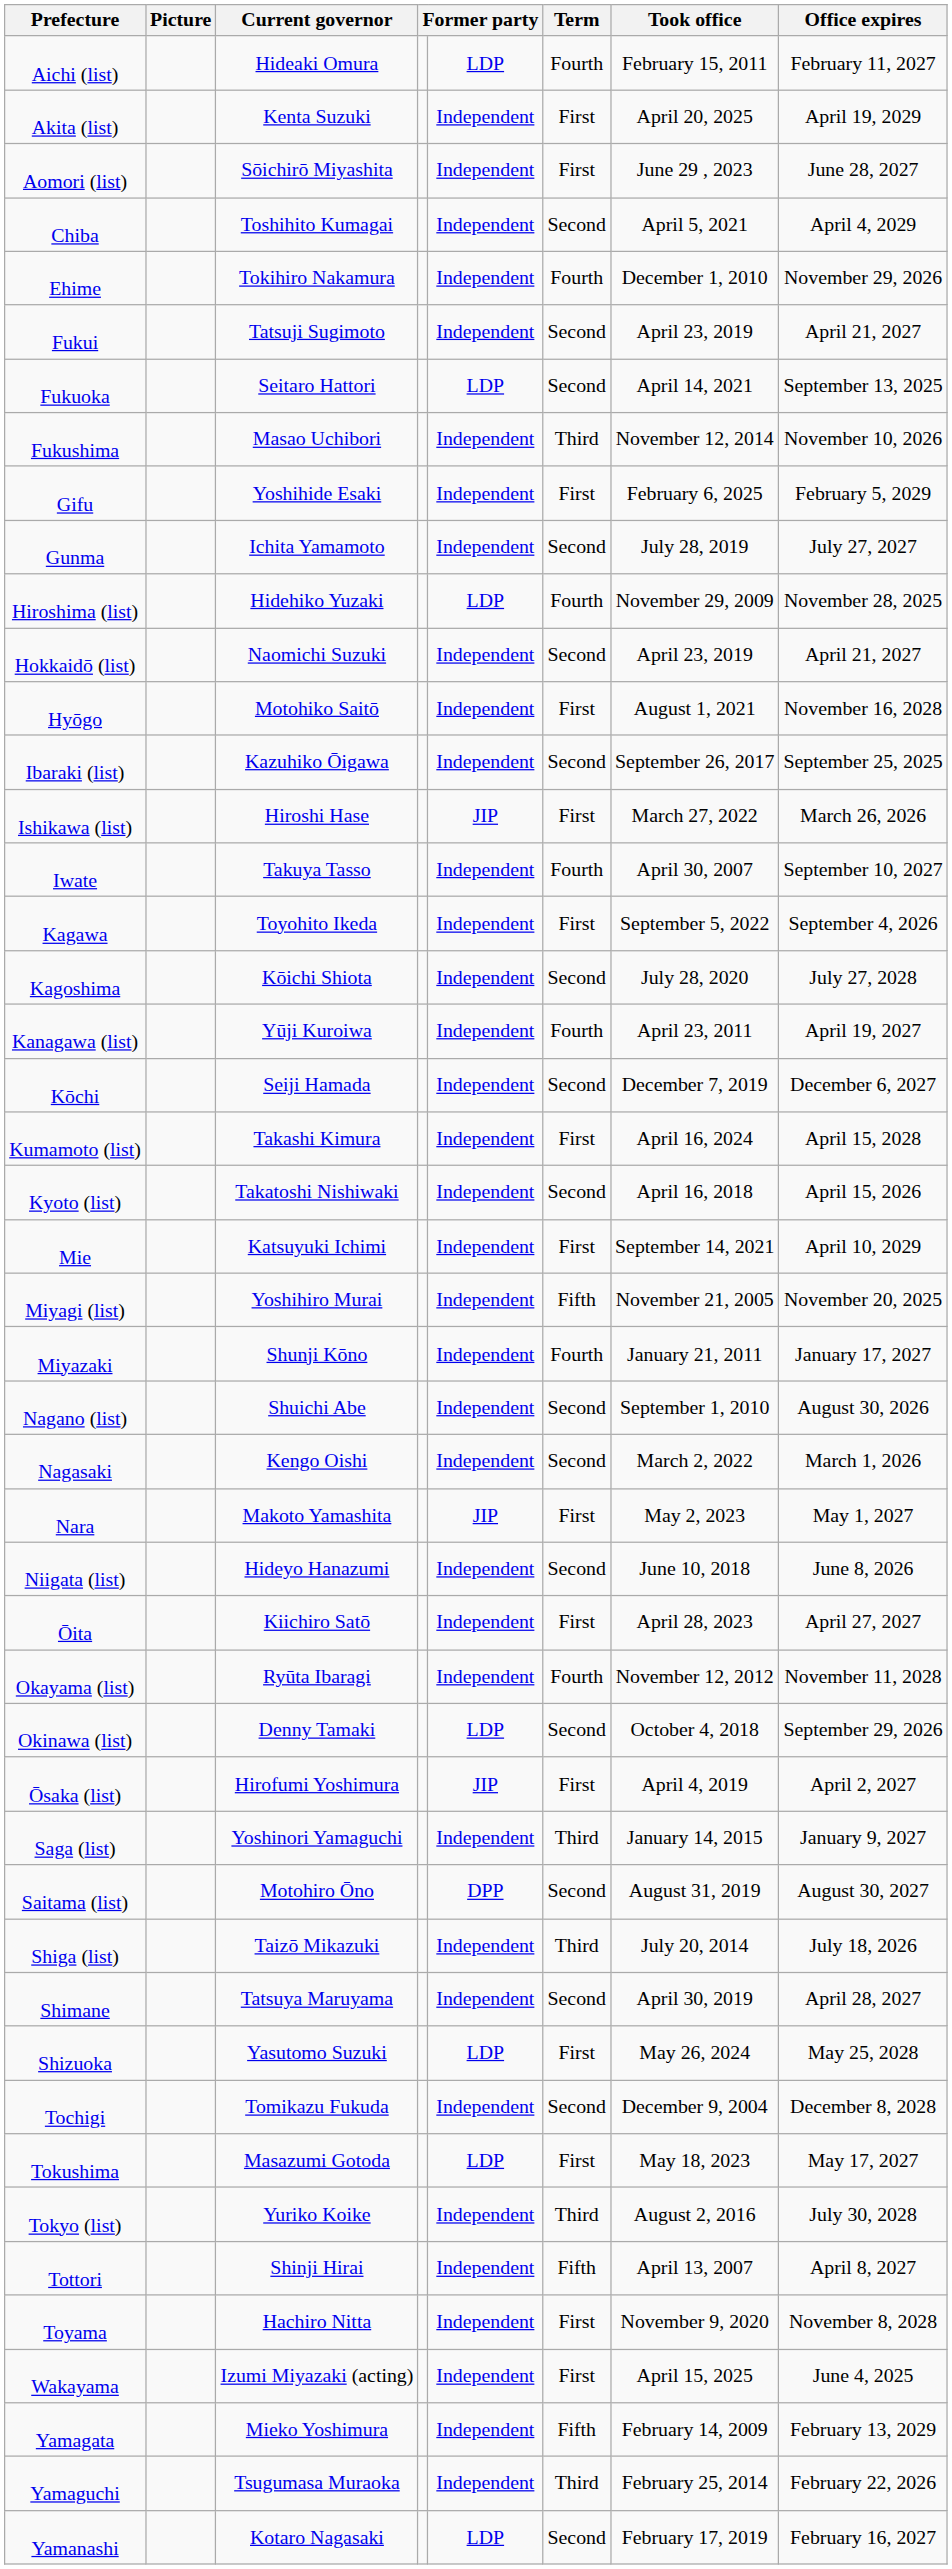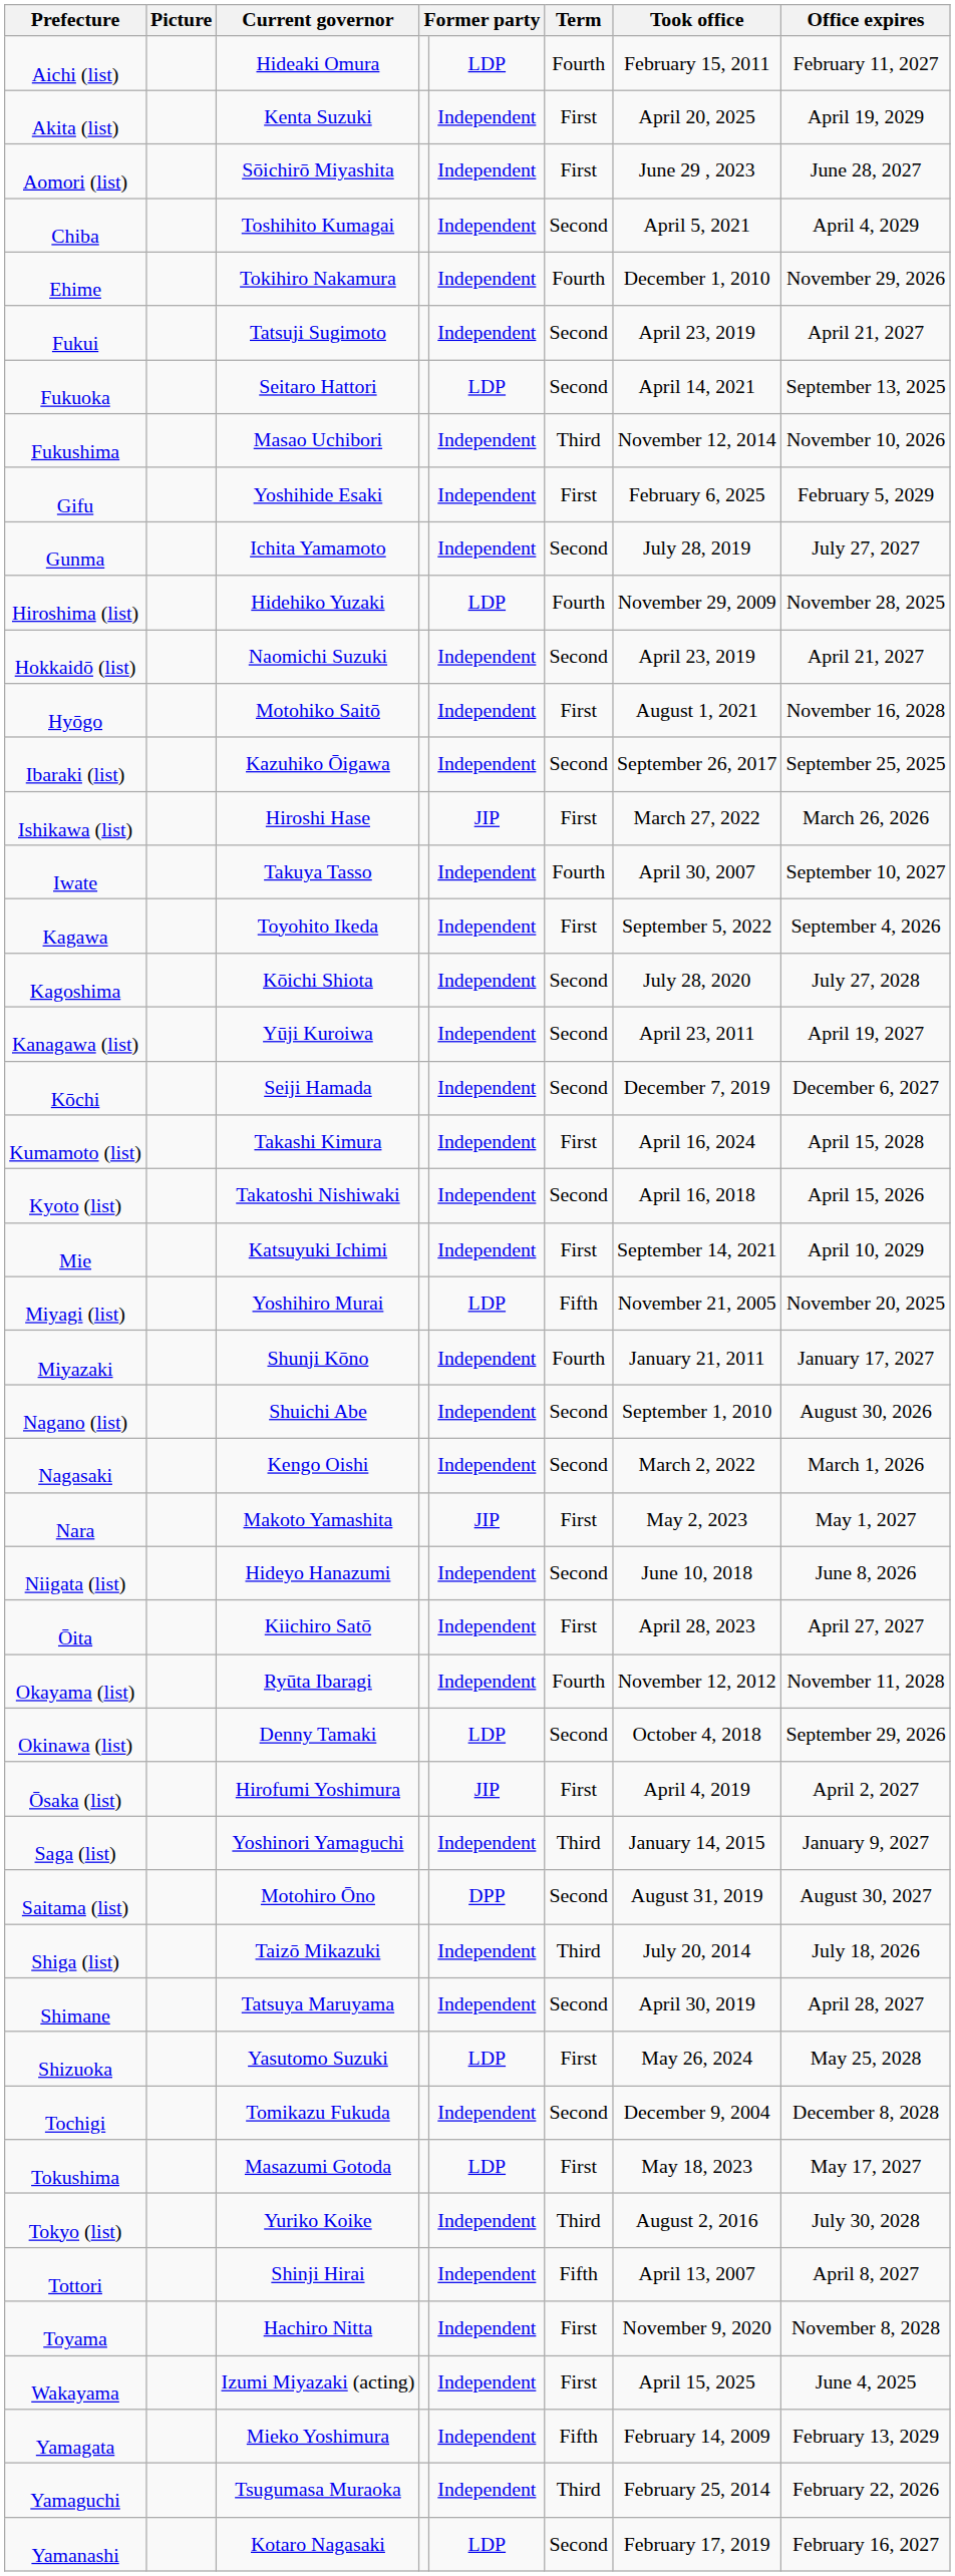 <table class="wikitable sortable" style="text-align:center">
 <tr>
 <th>Prefecture</th>
 <th>Picture</th>
 <th>Current governor</th>
 <th colspan="2">Former party</th>
 <th>Term</th>
 <th>Took office</th>
 <th>Office expires</th>
 </tr>
 <tr>
 <td><br><a href='#'>Aichi</a> (<a href='#'>list</a>)</td>
 <td></td>
 <td><a href='#'>Hideaki Omura</a></td>
 <td style="background-color:"></td>
 <td><a href='#'>LDP</a></td>
 <td>Fourth</td>
 <td>February 15, 2011</td>
 <td>February 11, 2027</td>
 </tr>
 <tr>
 <td><br><a href='#'>Akita</a> (<a href='#'>list</a>)</td>
 <td></td>
 <td><a href='#'>Kenta Suzuki</a></td>
 <td style="background-color:"></td>
 <td><a href='#'>Independent</a></td>
 <td>First</td>
 <td>April 20, 2025</td>
 <td>April 19, 2029</td>
 </tr>
 <tr>
 <td><br><a href='#'>Aomori</a> (<a href='#'>list</a>)</td>
 <td></td>
 <td><a href='#'>Sōichirō Miyashita</a></td>
 <td style="background-color:"></td>
 <td><a href='#'>Independent</a></td>
 <td>First</td>
 <td>June 29 , 2023</td>
 <td>June 28, 2027</td>
 </tr>
 <tr>
 <td><br><a href='#'>Chiba</a></td>
 <td></td>
 <td><a href='#'>Toshihito Kumagai</a></td>
 <td style="background-color:"></td>
 <td><a href='#'>Independent</a></td>
 <td>Second</td>
 <td>April 5, 2021</td>
 <td>April 4, 2029</td>
 </tr>
 <tr>
 <td><br><a href='#'>Ehime</a></td>
 <td></td>
 <td><a href='#'>Tokihiro Nakamura</a></td>
 <td style="background-color:"></td>
 <td><a href='#'>Independent</a></td>
 <td>Fourth</td>
 <td>December 1, 2010</td>
 <td>November 29, 2026</td>
 </tr>
 <tr>
 <td><br><a href='#'>Fukui</a></td>
 <td></td>
 <td><a href='#'>Tatsuji Sugimoto</a></td>
 <td style="background-color:"></td>
 <td><a href='#'>Independent</a></td>
 <td>Second</td>
 <td>April 23, 2019</td>
 <td>April 21, 2027</td>
 </tr>
 <tr>
 <td><br><a href='#'>Fukuoka</a></td>
 <td></td>
 <td><a href='#'>Seitaro Hattori</a></td>
 <td style="background-color:"></td>
 <td><a href='#'>LDP</a></td>
 <td>Second</td>
 <td>April 14, 2021</td>
 <td>September 13, 2025</td>
 </tr>
 <tr>
 <td><br><a href='#'>Fukushima</a></td>
 <td></td>
 <td><a href='#'>Masao Uchibori</a></td>
 <td style="background-color:"></td>
 <td><a href='#'>Independent</a></td>
 <td>Third</td>
 <td>November 12, 2014</td>
 <td>November 10, 2026</td>
 </tr>
 <tr>
 <td><br><a href='#'>Gifu</a></td>
 <td></td>
 <td><a href='#'>Yoshihide Esaki</a></td>
 <td style="background-color:"></td>
 <td><a href='#'>Independent</a></td>
 <td>First</td>
 <td>February 6, 2025</td>
 <td>February 5, 2029</td>
 </tr>
 <tr>
 <td><br><a href='#'>Gunma</a></td>
 <td></td>
 <td><a href='#'>Ichita Yamamoto</a></td>
 <td style="background-color:"></td>
 <td><a href='#'>Independent</a></td>
 <td>Second</td>
 <td>July 28, 2019</td>
 <td>July 27, 2027</td>
 </tr>
 <tr>
 <td><br><a href='#'>Hiroshima</a> (<a href='#'>list</a>)</td>
 <td></td>
 <td><a href='#'>Hidehiko Yuzaki</a></td>
 <td style="background-color:"></td>
 <td><a href='#'>LDP</a></td>
 <td>Fourth</td>
 <td>November 29, 2009</td>
 <td>November 28, 2025</td>
 </tr>
 <tr>
 <td><br><a href='#'>Hokkaidō</a> (<a href='#'>list</a>)</td>
 <td></td>
 <td><a href='#'>Naomichi Suzuki</a></td>
 <td style="background-color:"></td>
 <td><a href='#'>Independent</a></td>
 <td>Second</td>
 <td>April 23, 2019</td>
 <td>April 21, 2027</td>
 </tr>
 <tr>
 <td><br><a href='#'>Hyōgo</a></td>
 <td></td>
 <td><a href='#'>Motohiko Saitō</a></td>
 <td style="background-color:"></td>
 <td><a href='#'>Independent</a></td>
 <td>First</td>
 <td>August 1, 2021</td>
 <td>November 16, 2028</td>
 </tr>
 <tr>
 <td><br><a href='#'>Ibaraki</a> (<a href='#'>list</a>)</td>
 <td></td>
 <td><a href='#'>Kazuhiko Ōigawa</a></td>
 <td style="background-color:"></td>
 <td><a href='#'>Independent</a></td>
 <td>Second</td>
 <td>September 26, 2017</td>
 <td>September 25, 2025</td>
 </tr>
 <tr>
 <td><br><a href='#'>Ishikawa</a> (<a href='#'>list</a>)</td>
 <td></td>
 <td><a href='#'>Hiroshi Hase</a></td>
 <td style="background-color:"></td>
 <td><a href='#'>JIP</a></td>
 <td>First</td>
 <td>March 27, 2022</td>
 <td>March 26, 2026</td>
 </tr>
 <tr>
 <td><br><a href='#'>Iwate</a></td>
 <td></td>
 <td><a href='#'>Takuya Tasso</a></td>
 <td style="background-color:"></td>
 <td><a href='#'>Independent</a></td>
 <td>Fourth</td>
 <td>April 30, 2007</td>
 <td>September 10, 2027</td>
 </tr>
 <tr>
 <td><br><a href='#'>Kagawa</a></td>
 <td></td>
 <td><a href='#'>Toyohito Ikeda</a></td>
 <td style="background-color:"></td>
 <td><a href='#'>Independent</a></td>
 <td>First</td>
 <td>September 5, 2022</td>
 <td>September 4, 2026</td>
 </tr>
 <tr>
 <td><br><a href='#'>Kagoshima</a></td>
 <td></td>
 <td><a href='#'>Kōichi Shiota</a></td>
 <td style="background-color:"></td>
 <td><a href='#'>Independent</a></td>
 <td>Second</td>
 <td>July 28, 2020</td>
 <td>July 27, 2028</td>
 </tr>
 <tr>
 <td><br><a href='#'>Kanagawa</a> (<a href='#'>list</a>)</td>
 <td></td>
 <td><a href='#'>Yūji Kuroiwa</a></td>
 <td style="background-color:"></td>
 <td><a href='#'>Independent</a></td>
-<td>Fourth</td>
+<td>Second</td>
 <td>April 23, 2011</td>
 <td>April 19, 2027</td>
 </tr>
 <tr>
 <td><br><a href='#'>Kōchi</a></td>
 <td></td>
 <td><a href='#'>Seiji Hamada</a></td>
 <td style="background-color:"></td>
 <td><a href='#'>Independent</a></td>
 <td>Second</td>
 <td>December 7, 2019</td>
 <td>December 6, 2027</td>
 </tr>
 <tr>
 <td><br><a href='#'>Kumamoto</a> (<a href='#'>list</a>)</td>
 <td></td>
 <td><a href='#'>Takashi Kimura</a></td>
 <td style="background-color:"></td>
 <td><a href='#'>Independent</a></td>
 <td>First</td>
 <td>April 16, 2024</td>
 <td>April 15, 2028</td>
 </tr>
 <tr>
 <td><br><a href='#'>Kyoto</a> (<a href='#'>list</a>)</td>
 <td></td>
 <td><a href='#'>Takatoshi Nishiwaki</a></td>
 <td style="background-color:"></td>
 <td><a href='#'>Independent</a></td>
 <td>Second</td>
 <td>April 16, 2018</td>
 <td>April 15, 2026</td>
 </tr>
 <tr>
 <td><br><a href='#'>Mie</a></td>
 <td></td>
 <td><a href='#'>Katsuyuki Ichimi</a></td>
 <td style="background-color:"></td>
 <td><a href='#'>Independent</a></td>
 <td>First</td>
 <td>September 14, 2021</td>
 <td>April 10, 2029</td>
 </tr>
 <tr>
 <td><br><a href='#'>Miyagi</a> (<a href='#'>list</a>)</td>
 <td></td>
 <td><a href='#'>Yoshihiro Murai</a></td>
 <td style="background-color:"></td>
-<td><a href='#'>Independent</a></td>
+<td><a href='#'>LDP</a></td>
 <td>Fifth</td>
 <td>November 21, 2005</td>
 <td>November 20, 2025</td>
 </tr>
 <tr>
 <td><br><a href='#'>Miyazaki</a></td>
 <td></td>
 <td><a href='#'>Shunji Kōno</a></td>
 <td style="background-color:"></td>
 <td><a href='#'>Independent</a></td>
 <td>Fourth</td>
 <td>January 21, 2011</td>
 <td>January 17, 2027</td>
 </tr>
 <tr>
 <td><br><a href='#'>Nagano</a> (<a href='#'>list</a>)</td>
 <td></td>
 <td><a href='#'>Shuichi Abe</a></td>
 <td style="background-color:"></td>
 <td><a href='#'>Independent</a></td>
 <td>Second</td>
 <td>September 1, 2010</td>
 <td>August 30, 2026</td>
 </tr>
 <tr>
 <td><br><a href='#'>Nagasaki</a></td>
 <td></td>
 <td><a href='#'>Kengo Oishi</a></td>
 <td style="background-color:"></td>
 <td><a href='#'>Independent</a></td>
 <td>Second</td>
 <td>March 2, 2022</td>
 <td>March 1, 2026</td>
 </tr>
 <tr>
 <td><br><a href='#'>Nara</a></td>
 <td></td>
 <td><a href='#'>Makoto Yamashita</a></td>
 <td style="background-color:"></td>
 <td><a href='#'>JIP</a></td>
 <td>First</td>
 <td>May 2, 2023</td>
 <td>May 1, 2027</td>
 </tr>
 <tr>
 <td><br><a href='#'>Niigata</a> (<a href='#'>list</a>)</td>
 <td></td>
 <td><a href='#'>Hideyo Hanazumi</a></td>
 <td style="background-color:"></td>
 <td><a href='#'>Independent</a></td>
 <td>Second</td>
 <td>June 10, 2018</td>
 <td>June 8, 2026</td>
 </tr>
 <tr>
 <td><br><a href='#'>Ōita</a></td>
 <td></td>
 <td><a href='#'>Kiichiro Satō</a></td>
 <td style="background-color:"></td>
 <td><a href='#'>Independent</a></td>
 <td>First</td>
 <td>April 28, 2023</td>
 <td>April 27, 2027</td>
 </tr>
 <tr>
 <td><br><a href='#'>Okayama</a> (<a href='#'>list</a>)</td>
 <td></td>
 <td><a href='#'>Ryūta Ibaragi</a></td>
 <td style="background-color:"></td>
 <td><a href='#'>Independent</a></td>
 <td>Fourth</td>
 <td>November 12, 2012</td>
 <td>November 11, 2028</td>
 </tr>
 <tr>
 <td><br><a href='#'>Okinawa</a> (<a href='#'>list</a>)</td>
 <td></td>
 <td><a href='#'>Denny Tamaki</a></td>
 <td style="background-color:"></td>
 <td><a href='#'>LDP</a></td>
 <td>Second</td>
 <td>October 4, 2018</td>
 <td>September 29, 2026</td>
 </tr>
 <tr>
 <td><br><a href='#'>Ōsaka</a> (<a href='#'>list</a>)</td>
 <td></td>
 <td><a href='#'>Hirofumi Yoshimura</a></td>
 <td style="background-color:"></td>
 <td><a href='#'>JIP</a></td>
 <td>First</td>
 <td>April 4, 2019</td>
 <td>April 2, 2027</td>
 </tr>
 <tr>
 <td><br><a href='#'>Saga</a> (<a href='#'>list</a>)</td>
 <td></td>
 <td><a href='#'>Yoshinori Yamaguchi</a></td>
 <td style="background-color:"></td>
 <td><a href='#'>Independent</a></td>
 <td>Third</td>
 <td>January 14, 2015</td>
 <td>January 9, 2027</td>
 </tr>
 <tr>
 <td><br><a href='#'>Saitama</a> (<a href='#'>list</a>)</td>
 <td></td>
 <td><a href='#'>Motohiro Ōno</a></td>
 <td style="background-color:"></td>
 <td><a href='#'>DPP</a></td>
 <td>Second</td>
 <td>August 31, 2019</td>
 <td>August 30, 2027</td>
 </tr>
 <tr>
 <td><br><a href='#'>Shiga</a> (<a href='#'>list</a>)</td>
 <td></td>
 <td><a href='#'>Taizō Mikazuki</a></td>
 <td style="background-color:"></td>
 <td><a href='#'>Independent</a></td>
 <td>Third</td>
 <td>July 20, 2014</td>
 <td>July 18, 2026</td>
 </tr>
 <tr>
 <td><br><a href='#'>Shimane</a></td>
 <td></td>
 <td><a href='#'>Tatsuya Maruyama</a></td>
 <td style="background-color:"></td>
 <td><a href='#'>Independent</a></td>
 <td>Second</td>
 <td>April 30, 2019</td>
 <td>April 28, 2027</td>
 </tr>
 <tr>
 <td><br><a href='#'>Shizuoka</a></td>
 <td></td>
 <td><a href='#'>Yasutomo Suzuki</a></td>
 <td style="background-color:"></td>
 <td><a href='#'>LDP</a></td>
 <td>First</td>
 <td>May 26, 2024</td>
 <td>May 25, 2028</td>
 </tr>
 <tr>
 <td><br><a href='#'>Tochigi</a></td>
 <td></td>
 <td><a href='#'>Tomikazu Fukuda</a></td>
 <td style="background-color:"></td>
 <td><a href='#'>Independent</a></td>
 <td>Second</td>
 <td>December 9, 2004</td>
 <td>December 8, 2028</td>
 </tr>
 <tr>
 <td><br><a href='#'>Tokushima</a></td>
 <td></td>
 <td><a href='#'>Masazumi Gotoda</a></td>
 <td style="background-color:"></td>
 <td><a href='#'>LDP</a></td>
 <td>First</td>
 <td>May 18, 2023</td>
 <td>May 17, 2027</td>
 </tr>
 <tr>
 <td><br><a href='#'>Tokyo</a> (<a href='#'>list</a>)</td>
 <td></td>
 <td><a href='#'>Yuriko Koike</a></td>
 <td style="background-color:"></td>
 <td><a href='#'>Independent</a></td>
 <td>Third</td>
 <td>August 2, 2016</td>
 <td>July 30, 2028</td>
 </tr>
 <tr>
 <td><br><a href='#'>Tottori</a></td>
 <td></td>
 <td><a href='#'>Shinji Hirai</a></td>
 <td style="background-color:"></td>
 <td><a href='#'>Independent</a></td>
 <td>Fifth</td>
 <td>April 13, 2007</td>
 <td>April 8, 2027</td>
 </tr>
 <tr>
 <td><br><a href='#'>Toyama</a></td>
 <td></td>
 <td><a href='#'>Hachiro Nitta</a></td>
 <td style="background-color:"></td>
 <td><a href='#'>Independent</a></td>
 <td>First</td>
 <td>November 9, 2020</td>
 <td>November 8, 2028</td>
 </tr>
 <tr>
 <td><br><a href='#'>Wakayama</a></td>
 <td></td>
 <td><a href='#'>Izumi Miyazaki</a> (acting)</td>
 <td style="background-color:"></td>
 <td><a href='#'>Independent</a></td>
 <td>First</td>
 <td>April 15, 2025</td>
 <td>June 4, 2025</td>
 </tr>
 <tr>
 <td><br><a href='#'>Yamagata</a></td>
 <td></td>
 <td><a href='#'>Mieko Yoshimura</a></td>
 <td style="background-color:"></td>
 <td><a href='#'>Independent</a></td>
 <td>Fifth</td>
 <td>February 14, 2009</td>
 <td>February 13, 2029</td>
 </tr>
 <tr>
 <td><br><a href='#'>Yamaguchi</a></td>
 <td></td>
 <td><a href='#'>Tsugumasa Muraoka</a></td>
 <td style="background-color:"></td>
 <td><a href='#'>Independent</a></td>
 <td>Third</td>
 <td>February 25, 2014</td>
 <td>February 22, 2026</td>
 </tr>
 <tr>
 <td><br><a href='#'>Yamanashi</a></td>
 <td></td>
 <td><a href='#'>Kotaro Nagasaki</a></td>
 <td style="background-color:"></td>
 <td><a href='#'>LDP</a></td>
 <td>Second</td>
 <td>February 17, 2019</td>
 <td>February 16, 2027</td>
 </tr>
 </table>
